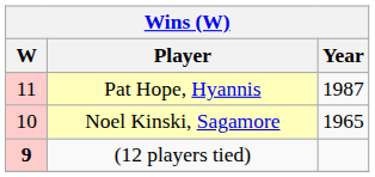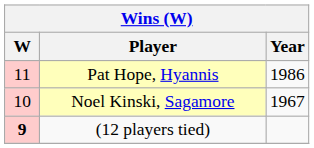 <table class="wikitable" style="display: inline-table; margin-right: 20px; text-align:center">
 <tr>
 <th colspan="3"><a href='#'>Wins (W)</a></th>
 </tr>
 <tr>
 <th scope="col" style="width: 25px;">W</th>
 <th scope="col" style="width: 200px;">Player</th>
 <th scope="col" style="width: 25px;">Year</th>
 </tr>
 <tr>
 <td bgcolor=#ffcccc>11</td>
 <td !scope="row" style="background:#ffb;">Pat Hope, <a href='#'>Hyannis</a></td>
-<td>1987</td>
+<td>1986</td>
 </tr>
 <tr>
 <td bgcolor=#ffcccc>10</td>
 <td !scope="row" style="background:#ffb;">Noel Kinski, <a href='#'>Sagamore</a></td>
-<td>1965</td>
+<td>1967</td>
 </tr>
 <tr>
 <td bgcolor=#ffcccc><strong>9</strong></td>
 <td>(12 players tied)</td>
 <td></td>
 </tr>
 <tr>
 </tr>
 </table>
